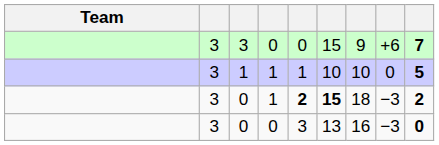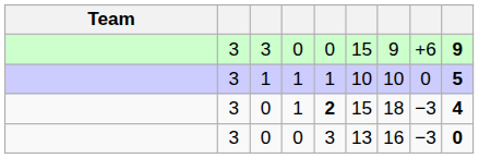 <table class="wikitable" style="text-align: center;">
 <tr>
 <th width="175">Team</th>
 <th width="20"></th>
 <th width="20"></th>
 <th width="20"></th>
 <th width="20"></th>
 <th width="20"></th>
 <th width="20"></th>
 <th width="20"></th>
 <th width="20"></th>
 </tr>
 <tr bgcolor="#ccffcc">
 <td align=left></td>
 <td>3</td>
 <td>3</td>
 <td>0</td>
 <td>0</td>
 <td>15</td>
 <td>9</td>
 <td>+6</td>
-<td><strong>7</strong></td>
+<td><strong>9</strong></td>
 </tr>
 <tr bgcolor="#ccccff">
 <td align=left></td>
 <td>3</td>
 <td>1</td>
 <td>1</td>
 <td>1</td>
 <td>10</td>
 <td>10</td>
 <td>0</td>
 <td><strong>5</strong></td>
 </tr>
 <tr>
 <td align=left></td>
 <td>3</td>
 <td>0</td>
 <td>1</td>
 <td><strong>2</strong></td>
-<td><strong>15</strong></td>
+<td>15</td>
 <td>18</td>
 <td>−3</td>
-<td><strong>2</strong></td>
+<td><strong>4</strong></td>
 </tr>
 <tr>
 <td align=left></td>
 <td>3</td>
 <td>0</td>
 <td>0</td>
 <td>3</td>
 <td>13</td>
 <td>16</td>
 <td>−3</td>
 <td><strong>0</strong></td>
 </tr>
 </table>
